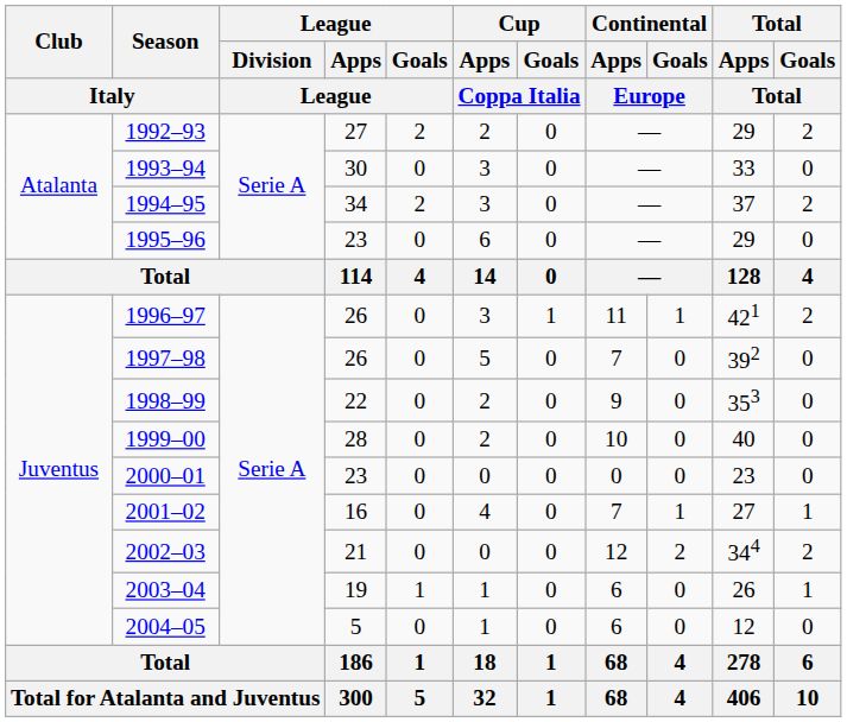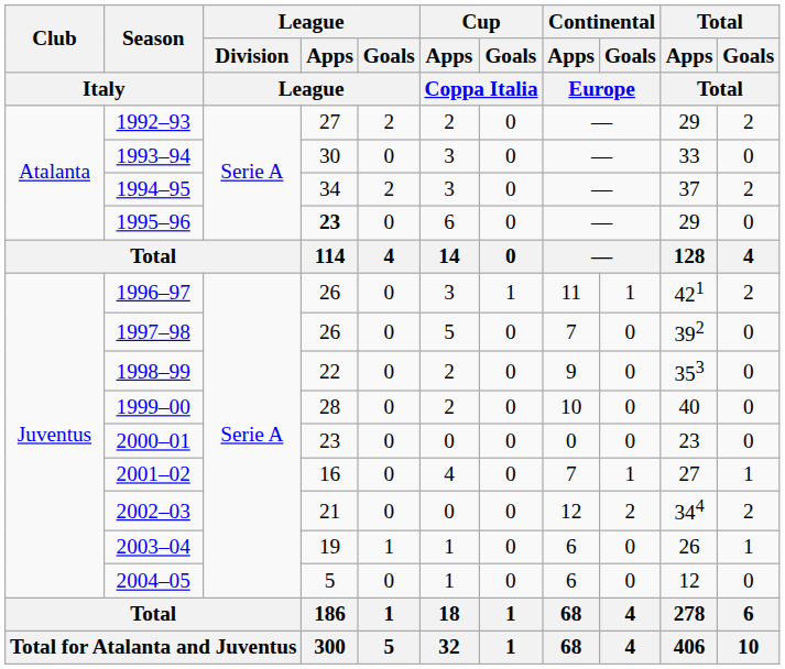 <table class="wikitable" style="text-align: center">
 <tr>
 <th rowspan=2>Club</th>
 <th rowspan=2>Season</th>
 <th colspan=3>League</th>
 <th colspan=2>Cup</th>
 <th colspan=2>Continental</th>
 <th colspan=2>Total</th>
 </tr>
 <tr>
 <th>Division</th>
 <th>Apps</th>
 <th>Goals</th>
 <th>Apps</th>
 <th>Goals</th>
 <th>Apps</th>
 <th>Goals</th>
 <th>Apps</th>
 <th>Goals</th>
 </tr>
 <tr>
 <th colspan=2>Italy</th>
 <th colspan=3>League</th>
 <th colspan=2><a href='#'>Coppa Italia</a></th>
 <th colspan=2><a href='#'>Europe</a></th>
 <th colspan=2>Total</th>
 </tr>
 <tr>
 <td rowspan=4><a href='#'>Atalanta</a></td>
 <td><a href='#'>1992–93</a></td>
 <td rowspan=4><a href='#'>Serie A</a></td>
 <td>27</td>
 <td>2</td>
 <td>2</td>
 <td>0</td>
 <td colspan=2>—</td>
 <td>29</td>
 <td>2</td>
 </tr>
 <tr>
 <td><a href='#'>1993–94</a></td>
 <td>30</td>
 <td>0</td>
 <td>3</td>
 <td>0</td>
 <td colspan=2>—</td>
 <td>33</td>
 <td>0</td>
 </tr>
 <tr>
 <td><a href='#'>1994–95</a></td>
 <td>34</td>
 <td>2</td>
 <td>3</td>
 <td>0</td>
 <td colspan=2>—</td>
 <td>37</td>
 <td>2</td>
 </tr>
 <tr>
 <td><a href='#'>1995–96</a></td>
-<td>23</td>
+<td><strong>23</strong></td>
 <td>0</td>
 <td>6</td>
 <td>0</td>
 <td colspan=2>—</td>
 <td>29</td>
 <td>0</td>
 </tr>
 <tr>
 <th colspan=3>Total</th>
 <th>114</th>
 <th>4</th>
 <th>14</th>
 <th>0</th>
 <th colspan=2>—</th>
 <th>128</th>
 <th>4</th>
 </tr>
 <tr>
 <td rowspan=9><a href='#'>Juventus</a></td>
 <td><a href='#'>1996–97</a></td>
 <td rowspan=9><a href='#'>Serie A</a></td>
 <td>26</td>
 <td>0</td>
 <td>3</td>
 <td>1</td>
 <td>11</td>
 <td>1</td>
 <td>42<sup>1</sup></td>
 <td>2</td>
 </tr>
 <tr>
 <td><a href='#'>1997–98</a></td>
 <td>26</td>
 <td>0</td>
 <td>5</td>
 <td>0</td>
 <td>7</td>
 <td>0</td>
 <td>39<sup>2</sup></td>
 <td>0</td>
 </tr>
 <tr>
 <td><a href='#'>1998–99</a></td>
 <td>22</td>
 <td>0</td>
 <td>2</td>
 <td>0</td>
 <td>9</td>
 <td>0</td>
 <td>35<sup>3</sup></td>
 <td>0</td>
 </tr>
 <tr>
 <td><a href='#'>1999–00</a></td>
 <td>28</td>
 <td>0</td>
 <td>2</td>
 <td>0</td>
 <td>10</td>
 <td>0</td>
 <td>40</td>
 <td>0</td>
 </tr>
 <tr>
 <td><a href='#'>2000–01</a></td>
 <td>23</td>
 <td>0</td>
 <td>0</td>
 <td>0</td>
 <td>0</td>
 <td>0</td>
 <td>23</td>
 <td>0</td>
 </tr>
 <tr>
 <td><a href='#'>2001–02</a></td>
 <td>16</td>
 <td>0</td>
 <td>4</td>
 <td>0</td>
 <td>7</td>
 <td>1</td>
 <td>27</td>
 <td>1</td>
 </tr>
 <tr>
 <td><a href='#'>2002–03</a></td>
 <td>21</td>
 <td>0</td>
 <td>0</td>
 <td>0</td>
 <td>12</td>
 <td>2</td>
 <td>34<sup>4</sup></td>
 <td>2</td>
 </tr>
 <tr>
 <td><a href='#'>2003–04</a></td>
 <td>19</td>
 <td>1</td>
 <td>1</td>
 <td>0</td>
 <td>6</td>
 <td>0</td>
 <td>26</td>
 <td>1</td>
 </tr>
 <tr>
 <td><a href='#'>2004–05</a></td>
 <td>5</td>
 <td>0</td>
 <td>1</td>
 <td>0</td>
 <td>6</td>
 <td>0</td>
 <td>12</td>
 <td>0</td>
 </tr>
 <tr>
 <th colspan=3>Total</th>
 <th>186</th>
 <th>1</th>
 <th>18</th>
 <th>1</th>
 <th>68</th>
 <th>4</th>
 <th>278</th>
 <th>6</th>
 </tr>
 <tr>
 <th colspan=3>Total for Atalanta and Juventus</th>
 <th>300</th>
 <th>5</th>
 <th>32</th>
 <th>1</th>
 <th>68</th>
 <th>4</th>
 <th>406</th>
 <th>10</th>
 </tr>
 </table>
